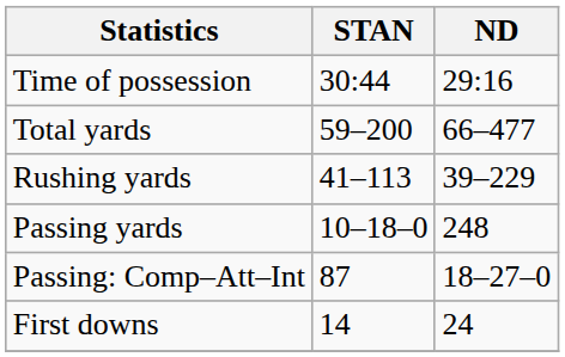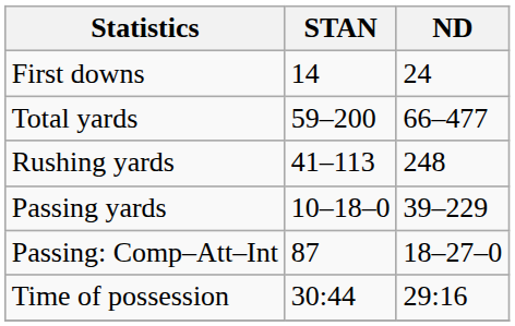 <table class="wikitable" style="float: left;">
 <tr>
 <th>Statistics</th>
 <th>STAN</th>
 <th>ND</th>
 </tr>
 <tr>
-<td>Time of possession</td>
-<td>30:44</td>
-<td>29:16</td>
+<td>First downs</td>
+<td>14</td>
+<td>24</td>
 </tr>
 <tr>
 <td>Total yards</td>
 <td>59–200</td>
 <td>66–477</td>
 </tr>
 <tr>
 <td>Rushing yards</td>
 <td>41–113</td>
-<td>39–229</td>
+<td>248</td>
 </tr>
 <tr>
 <td>Passing yards</td>
 <td>10–18–0</td>
-<td>248</td>
+<td>39–229</td>
 </tr>
 <tr>
 <td>Passing: Comp–Att–Int</td>
 <td>87</td>
 <td>18–27–0</td>
 </tr>
 <tr>
-<td>First downs</td>
-<td>14</td>
-<td>24</td>
+<td>Time of possession</td>
+<td>30:44</td>
+<td>29:16</td>
 </tr>
 <tr>
 </tr>
 </table>
